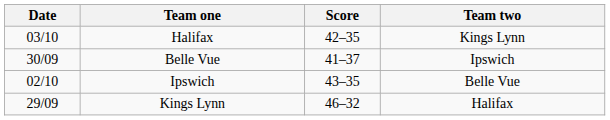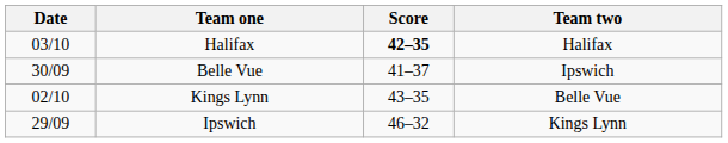 <table class="wikitable" style="text-align: center">
 <tr>
 <th width=80>Date</th>
 <th width=250>Team one</th>
 <th width=80>Score</th>
 <th width=250>Team two</th>
 </tr>
 <tr>
 <td>03/10</td>
 <td>Halifax</td>
-<td>42–35</td>
-<td>Kings Lynn</td>
+<td><strong>42–35</strong></td>
+<td>Halifax</td>
 </tr>
 <tr>
 <td>30/09</td>
 <td>Belle Vue</td>
 <td>41–37</td>
 <td>Ipswich</td>
 </tr>
 <tr>
 <td>02/10</td>
-<td>Ipswich</td>
+<td>Kings Lynn</td>
 <td>43–35</td>
 <td>Belle Vue</td>
 </tr>
 <tr>
 <td>29/09</td>
+<td>Ipswich</td>
+<td>46–32</td>
 <td>Kings Lynn</td>
-<td>46–32</td>
-<td>Halifax</td>
 </tr>
 </table>
